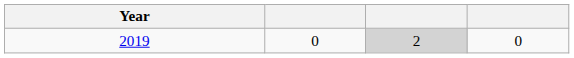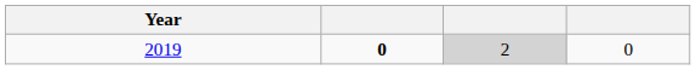 <table class="wikitable" width=30% style="font-size:100%; text-align:center;">
 <tr>
 <th>Year</th>
 <th></th>
 <th></th>
 <th></th>
 </tr>
 <tr>
 <td><a href='#'>2019</a></td>
-<td>0</td>
+<td><strong>0</strong></td>
 <td style="background: lightgrey;">2</td>
 <td>0</td>
 </tr>
 </table>
